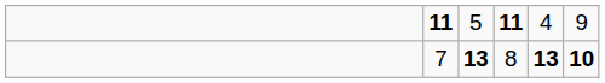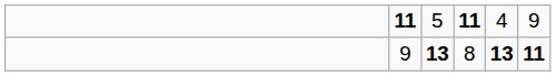 <table class="wikitable">
 <tr>
 <td style="width:18em"></td>
 <td align=center style="width:1em"><strong>11</strong></td>
 <td align=center style="width:1em">5</td>
 <td align=center style="width:1em"><strong>11</strong></td>
 <td align=center style="width:1em">4</td>
 <td align=center style="width:1em">9</td>
 </tr>
 <tr>
 <td style="width:18em"><strong></strong></td>
-<td align=center style="width:1em">7</td>
+<td align=center style="width:1em">9</td>
 <td align=center style="width:1em"><strong>13</strong></td>
 <td align=center style="width:1em">8</td>
 <td align=center style="width:1em"><strong>13</strong></td>
-<td align=center style="width:1em"><strong>10</strong></td>
+<td align=center style="width:1em"><strong>11</strong></td>
 </tr>
 </table>
